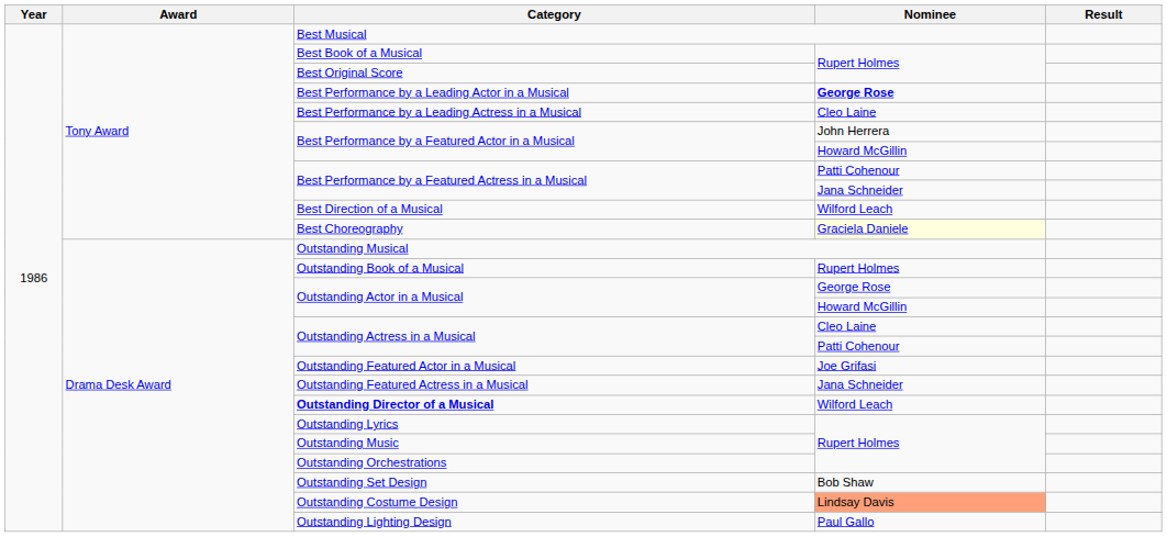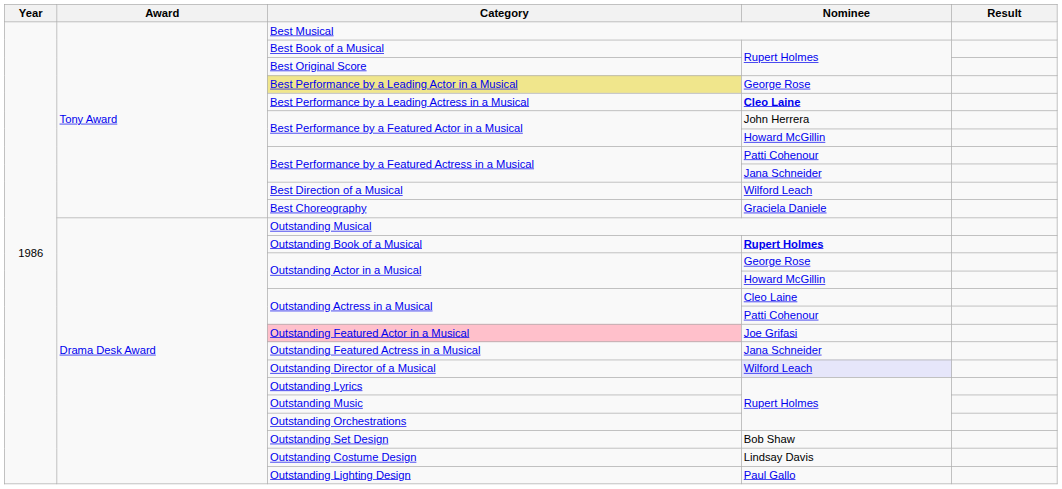 <table class="wikitable" style="width:95%;">
 <tr>
 <th style="width:5%;">Year</th>
 <th style="width:20%;">Award</th>
 <th style="width:45%;">Category</th>
 <th style="width:20%;">Nominee</th>
 <th style="width:10%;">Result</th>
 </tr>
 <tr>
 <td rowspan="26" style="text-align:center;">1986</td>
 <td rowspan="11"><a href='#'>Tony Award</a></td>
 <td colspan="2"><a href='#'>Best Musical</a></td>
 <td></td>
 </tr>
 <tr>
 <td><a href='#'>Best Book of a Musical</a></td>
 <td rowspan="2"><a href='#'>Rupert Holmes</a></td>
 <td></td>
 </tr>
 <tr>
 <td><a href='#'>Best Original Score</a></td>
 <td></td>
 </tr>
 <tr>
-<td><a href='#'>Best Performance by a Leading Actor in a Musical</a></td>
-<td><strong><a href='#'>George Rose</a></strong></td>
+<td style="background: khaki;"><a href='#'>Best Performance by a Leading Actor in a Musical</a></td>
+<td><a href='#'>George Rose</a></td>
 <td></td>
 </tr>
 <tr>
 <td><a href='#'>Best Performance by a Leading Actress in a Musical</a></td>
-<td><a href='#'>Cleo Laine</a></td>
+<td><strong><a href='#'>Cleo Laine</a></strong></td>
 <td></td>
 </tr>
 <tr>
 <td rowspan="2"><a href='#'>Best Performance by a Featured Actor in a Musical</a></td>
 <td>John Herrera</td>
 <td></td>
 </tr>
 <tr>
 <td><a href='#'>Howard McGillin</a></td>
 <td></td>
 </tr>
 <tr>
 <td rowspan="2"><a href='#'>Best Performance by a Featured Actress in a Musical</a></td>
 <td><a href='#'>Patti Cohenour</a></td>
 <td></td>
 </tr>
 <tr>
 <td><a href='#'>Jana Schneider</a></td>
 <td></td>
 </tr>
 <tr>
 <td><a href='#'>Best Direction of a Musical</a></td>
 <td><a href='#'>Wilford Leach</a></td>
 <td></td>
 </tr>
 <tr>
 <td><a href='#'>Best Choreography</a></td>
-<td style="background: lightyellow;"><a href='#'>Graciela Daniele</a></td>
+<td><a href='#'>Graciela Daniele</a></td>
 <td></td>
 </tr>
 <tr>
 <td rowspan="15"><a href='#'>Drama Desk Award</a></td>
 <td colspan="2"><a href='#'>Outstanding Musical</a></td>
 <td></td>
 </tr>
 <tr>
 <td><a href='#'>Outstanding Book of a Musical</a></td>
-<td><a href='#'>Rupert Holmes</a></td>
+<td><strong><a href='#'>Rupert Holmes</a></strong></td>
 <td></td>
 </tr>
 <tr>
 <td rowspan="2"><a href='#'>Outstanding Actor in a Musical</a></td>
 <td><a href='#'>George Rose</a></td>
 <td></td>
 </tr>
 <tr>
 <td><a href='#'>Howard McGillin</a></td>
 <td></td>
 </tr>
 <tr>
 <td rowspan="2"><a href='#'>Outstanding Actress in a Musical</a></td>
 <td><a href='#'>Cleo Laine</a></td>
 <td></td>
 </tr>
 <tr>
 <td><a href='#'>Patti Cohenour</a></td>
 <td></td>
 </tr>
 <tr>
-<td><a href='#'>Outstanding Featured Actor in a Musical</a></td>
+<td style="background: pink;"><a href='#'>Outstanding Featured Actor in a Musical</a></td>
 <td><a href='#'>Joe Grifasi</a></td>
 <td></td>
 </tr>
 <tr>
 <td><a href='#'>Outstanding Featured Actress in a Musical</a></td>
 <td><a href='#'>Jana Schneider</a></td>
 <td></td>
 </tr>
 <tr>
-<td><strong><a href='#'>Outstanding Director of a Musical</a></strong></td>
-<td><a href='#'>Wilford Leach</a></td>
+<td><a href='#'>Outstanding Director of a Musical</a></td>
+<td style="background: lavender;"><a href='#'>Wilford Leach</a></td>
 <td></td>
 </tr>
 <tr>
 <td><a href='#'>Outstanding Lyrics</a></td>
 <td rowspan="3"><a href='#'>Rupert Holmes</a></td>
 <td></td>
 </tr>
 <tr>
 <td><a href='#'>Outstanding Music</a></td>
 <td></td>
 </tr>
 <tr>
 <td><a href='#'>Outstanding Orchestrations</a></td>
 <td></td>
 </tr>
 <tr>
 <td><a href='#'>Outstanding Set Design</a></td>
 <td>Bob Shaw</td>
 <td></td>
 </tr>
 <tr>
 <td><a href='#'>Outstanding Costume Design</a></td>
-<td style="background: lightsalmon;">Lindsay Davis</td>
+<td>Lindsay Davis</td>
 <td></td>
 </tr>
 <tr>
 <td><a href='#'>Outstanding Lighting Design</a></td>
 <td><a href='#'>Paul Gallo</a></td>
 <td></td>
 </tr>
 </table>
